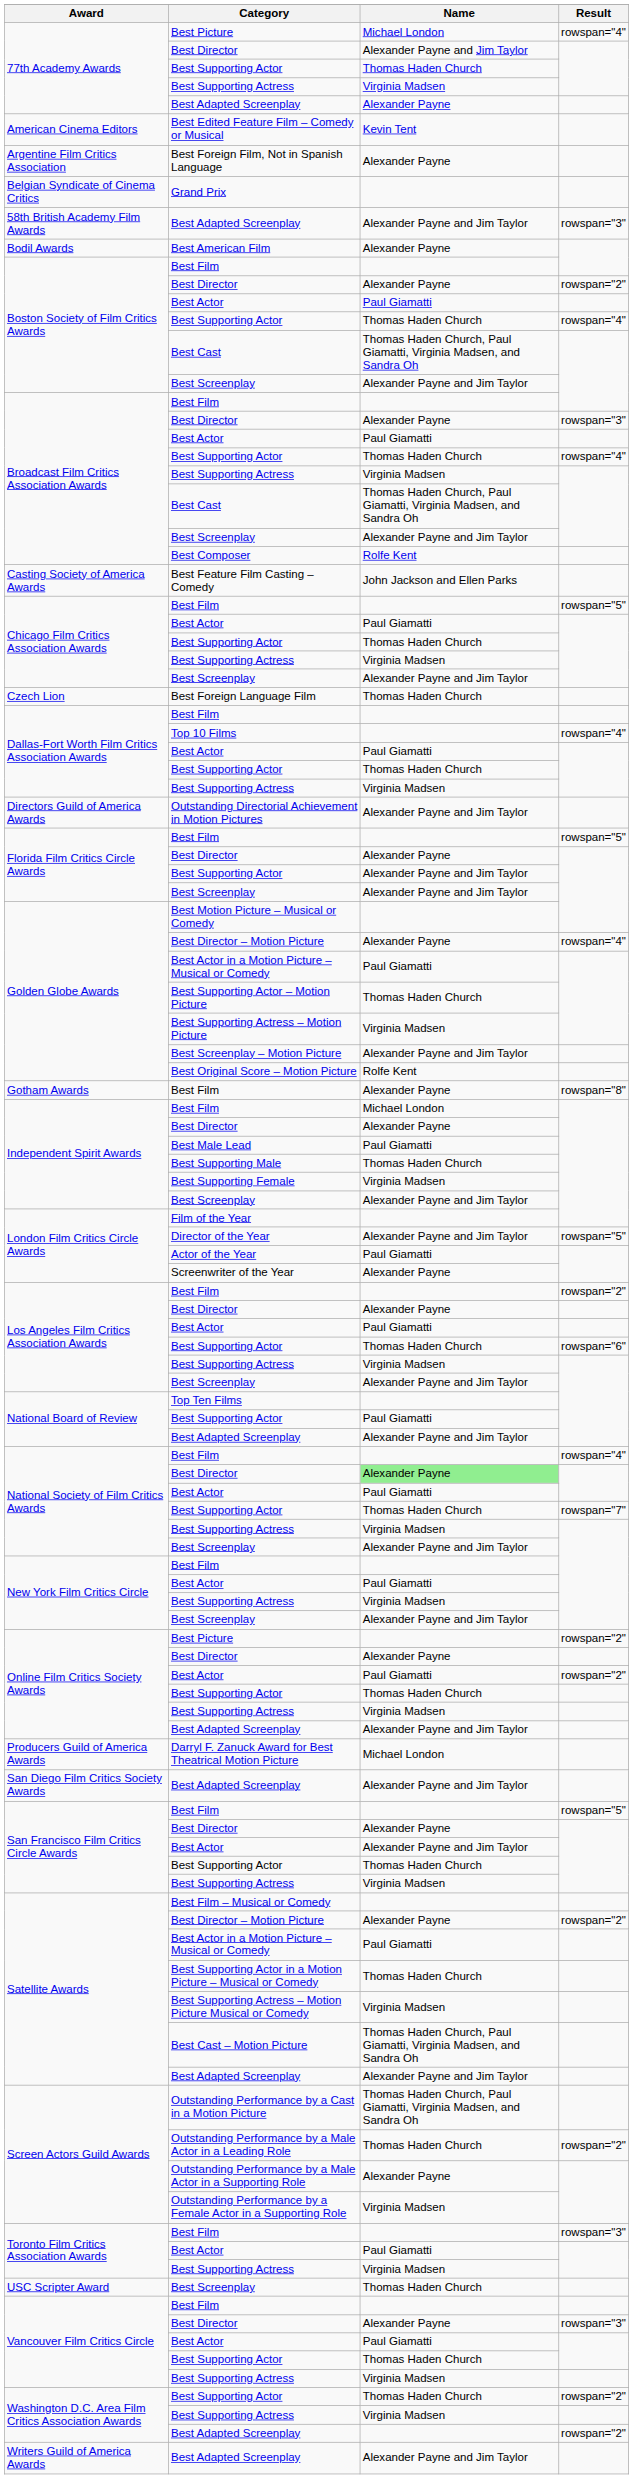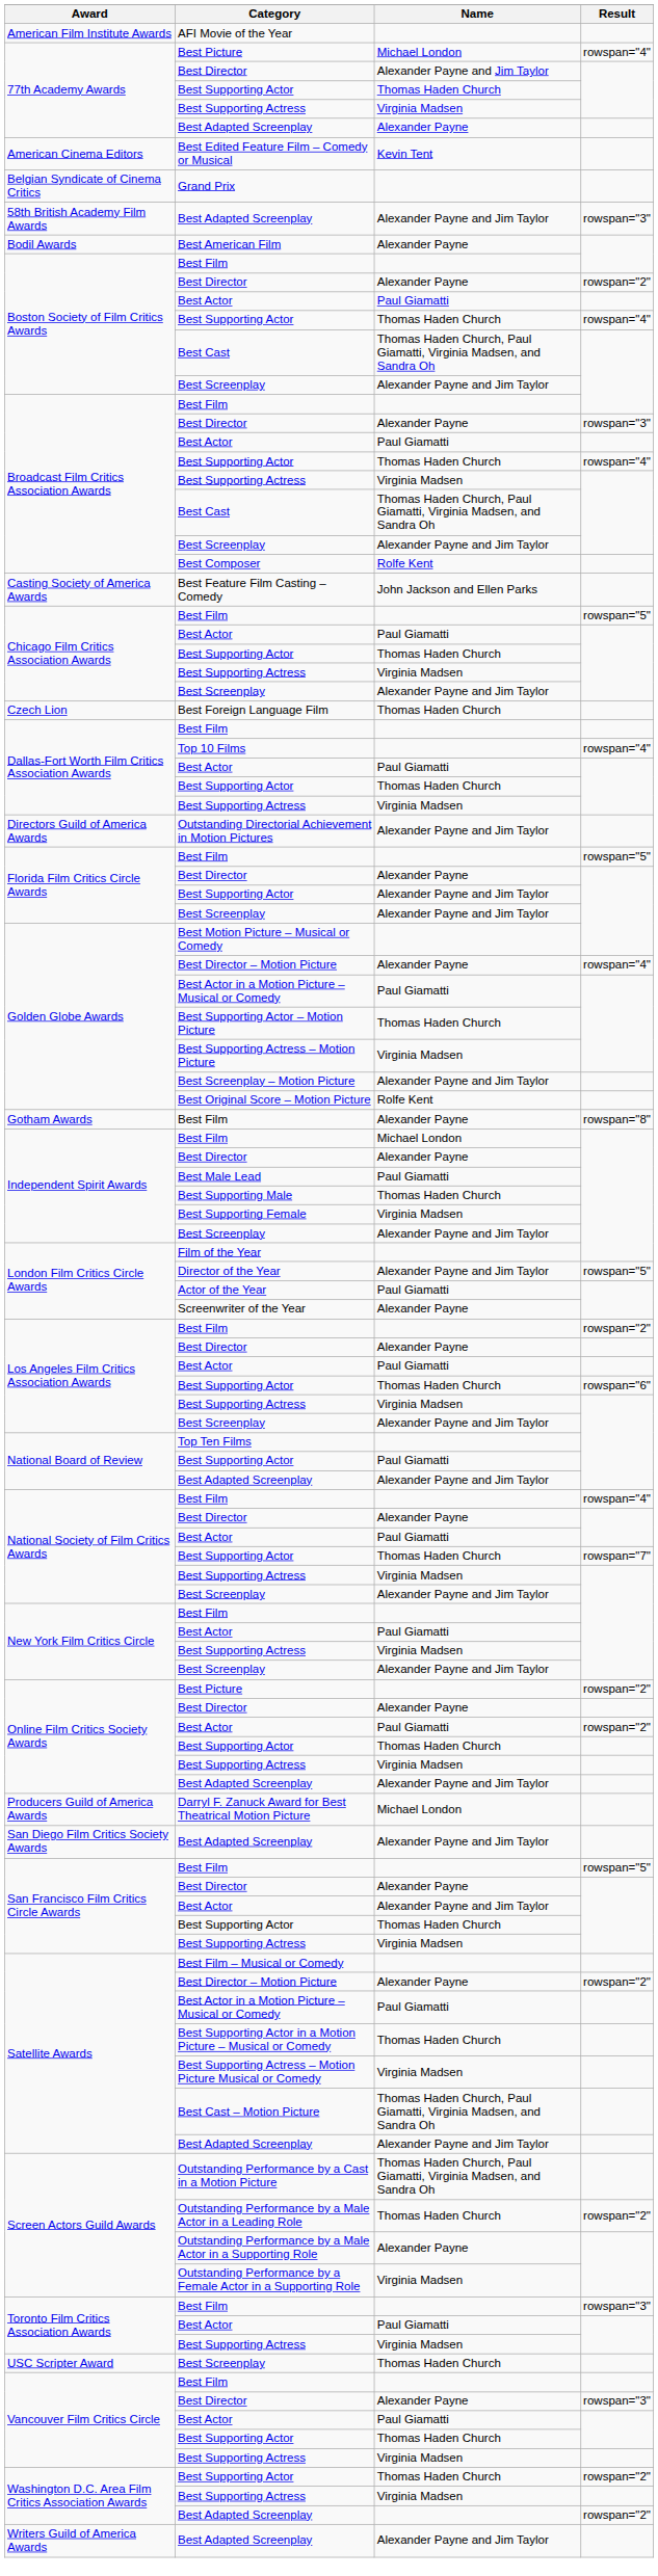 <table class="wikitable sortable plainrowheaders">
 <tr>
 </tr>
 <tr>
 <th>Award</th>
 <th>Category</th>
 <th>Name</th>
 <th>Result</th>
+</tr>
+<tr>
+<td><a href='#'>American Film Institute Awards</a></td>
+<td>AFI Movie of the Year</td>
+<td></td>
+<td></td>
 </tr>
 <tr>
 <td rowspan=5><a href='#'>77th Academy Awards</a></td>
 <td><a href='#'>Best Picture</a></td>
 <td><a href='#'>Michael London</a></td>
 <td>rowspan="4" </td>
 </tr>
 <tr>
 <td><a href='#'>Best Director</a></td>
 <td>Alexander Payne and <a href='#'>Jim Taylor</a></td>
 </tr>
 <tr>
 <td><a href='#'>Best Supporting Actor</a></td>
 <td><a href='#'>Thomas Haden Church</a></td>
 </tr>
 <tr>
 <td><a href='#'>Best Supporting Actress</a></td>
 <td><a href='#'>Virginia Madsen</a></td>
 </tr>
 <tr>
 <td><a href='#'>Best Adapted Screenplay</a></td>
 <td><a href='#'>Alexander Payne</a></td>
 <td></td>
 </tr>
 <tr>
 <td><a href='#'>American Cinema Editors</a></td>
 <td><a href='#'>Best Edited Feature Film – Comedy or Musical</a></td>
 <td><a href='#'>Kevin Tent</a></td>
-<td></td>
-</tr>
-<tr>
-<td><a href='#'>Argentine Film Critics Association</a></td>
-<td>Best Foreign Film, Not in Spanish Language</td>
-<td>Alexander Payne</td>
 <td></td>
 </tr>
 <tr>
 <td><a href='#'>Belgian Syndicate of Cinema Critics</a></td>
 <td><a href='#'>Grand Prix</a></td>
 <td></td>
 <td></td>
 </tr>
 <tr>
 <td><a href='#'>58th British Academy Film Awards</a></td>
 <td><a href='#'>Best Adapted Screenplay</a></td>
 <td>Alexander Payne and Jim Taylor</td>
 <td>rowspan="3" </td>
 </tr>
 <tr>
 <td><a href='#'>Bodil Awards</a></td>
 <td><a href='#'>Best American Film</a></td>
 <td>Alexander Payne</td>
 </tr>
 <tr>
 <td rowspan=6><a href='#'>Boston Society of Film Critics Awards</a></td>
 <td><a href='#'>Best Film</a></td>
 <td></td>
 </tr>
 <tr>
 <td><a href='#'>Best Director</a></td>
 <td>Alexander Payne</td>
 <td>rowspan="2" </td>
 </tr>
 <tr>
 <td><a href='#'>Best Actor</a></td>
 <td><a href='#'>Paul Giamatti</a></td>
 </tr>
 <tr>
 <td><a href='#'>Best Supporting Actor</a></td>
 <td>Thomas Haden Church</td>
 <td>rowspan="4" </td>
 </tr>
 <tr>
 <td><a href='#'>Best Cast</a></td>
 <td>Thomas Haden Church, Paul Giamatti, Virginia Madsen, and <a href='#'>Sandra Oh</a></td>
 </tr>
 <tr>
 <td><a href='#'>Best Screenplay</a></td>
 <td>Alexander Payne and Jim Taylor</td>
 </tr>
 <tr>
 <td rowspan="8"><a href='#'>Broadcast Film Critics Association Awards</a></td>
 <td><a href='#'>Best Film</a></td>
 <td></td>
 </tr>
 <tr>
 <td><a href='#'>Best Director</a></td>
 <td>Alexander Payne</td>
 <td>rowspan="3" </td>
 </tr>
 <tr>
 <td><a href='#'>Best Actor</a></td>
 <td>Paul Giamatti</td>
 </tr>
 <tr>
 <td><a href='#'>Best Supporting Actor</a></td>
 <td>Thomas Haden Church</td>
 <td>rowspan="4" </td>
 </tr>
 <tr>
 <td><a href='#'>Best Supporting Actress</a></td>
 <td>Virginia Madsen</td>
 </tr>
 <tr>
 <td><a href='#'>Best Cast</a></td>
 <td>Thomas Haden Church, Paul Giamatti, Virginia Madsen, and Sandra Oh</td>
 </tr>
 <tr>
 <td><a href='#'>Best Screenplay</a></td>
 <td>Alexander Payne and Jim Taylor</td>
 </tr>
 <tr>
 <td><a href='#'>Best Composer</a></td>
 <td><a href='#'>Rolfe Kent</a></td>
 <td></td>
 </tr>
 <tr>
 <td><a href='#'>Casting Society of America Awards</a></td>
 <td>Best Feature Film Casting – Comedy</td>
 <td>John Jackson and Ellen Parks</td>
 <td></td>
 </tr>
 <tr>
 <td rowspan="5"><a href='#'>Chicago Film Critics Association Awards</a></td>
 <td><a href='#'>Best Film</a></td>
 <td></td>
 <td>rowspan="5" </td>
 </tr>
 <tr>
 <td><a href='#'>Best Actor</a></td>
 <td>Paul Giamatti</td>
 </tr>
 <tr>
 <td><a href='#'>Best Supporting Actor</a></td>
 <td>Thomas Haden Church</td>
 </tr>
 <tr>
 <td><a href='#'>Best Supporting Actress</a></td>
 <td>Virginia Madsen</td>
 </tr>
 <tr>
 <td><a href='#'>Best Screenplay</a></td>
 <td>Alexander Payne and Jim Taylor</td>
 </tr>
 <tr>
 <td><a href='#'>Czech Lion</a></td>
 <td>Best Foreign Language Film</td>
 <td>Thomas Haden Church</td>
 <td></td>
 </tr>
 <tr>
 <td rowspan="5"><a href='#'>Dallas-Fort Worth Film Critics Association Awards</a></td>
 <td><a href='#'>Best Film</a></td>
 <td></td>
 <td></td>
 </tr>
 <tr>
 <td><a href='#'>Top 10 Films</a></td>
 <td></td>
 <td>rowspan="4" </td>
 </tr>
 <tr>
 <td><a href='#'>Best Actor</a></td>
 <td>Paul Giamatti</td>
 </tr>
 <tr>
 <td><a href='#'>Best Supporting Actor</a></td>
 <td>Thomas Haden Church</td>
 </tr>
 <tr>
 <td><a href='#'>Best Supporting Actress</a></td>
 <td>Virginia Madsen</td>
 </tr>
 <tr>
 <td><a href='#'>Directors Guild of America Awards</a></td>
 <td><a href='#'>Outstanding Directorial Achievement in Motion Pictures</a></td>
 <td>Alexander Payne and Jim Taylor</td>
 <td></td>
 </tr>
 <tr>
 <td rowspan="4"><a href='#'>Florida Film Critics Circle Awards</a></td>
 <td><a href='#'>Best Film</a></td>
 <td></td>
 <td>rowspan="5" </td>
 </tr>
 <tr>
 <td><a href='#'>Best Director</a></td>
 <td>Alexander Payne</td>
 </tr>
 <tr>
 <td><a href='#'>Best Supporting Actor</a></td>
 <td>Alexander Payne and Jim Taylor</td>
 </tr>
 <tr>
 <td><a href='#'>Best Screenplay</a></td>
 <td>Alexander Payne and Jim Taylor</td>
 </tr>
 <tr>
 <td rowspan="7"><a href='#'>Golden Globe Awards</a></td>
 <td><a href='#'>Best Motion Picture – Musical or Comedy</a></td>
 <td></td>
 </tr>
 <tr>
 <td><a href='#'>Best Director – Motion Picture</a></td>
 <td>Alexander Payne</td>
 <td>rowspan="4" </td>
 </tr>
 <tr>
 <td><a href='#'>Best Actor in a Motion Picture – Musical or Comedy</a></td>
 <td>Paul Giamatti</td>
 </tr>
 <tr>
 <td><a href='#'>Best Supporting Actor – Motion Picture</a></td>
 <td>Thomas Haden Church</td>
 </tr>
 <tr>
 <td><a href='#'>Best Supporting Actress – Motion Picture</a></td>
 <td>Virginia Madsen</td>
 </tr>
 <tr>
 <td><a href='#'>Best Screenplay – Motion Picture</a></td>
 <td>Alexander Payne and Jim Taylor</td>
 <td></td>
 </tr>
 <tr>
 <td><a href='#'>Best Original Score – Motion Picture</a></td>
 <td>Rolfe Kent</td>
 <td></td>
 </tr>
 <tr>
 <td><a href='#'>Gotham Awards</a></td>
 <td>Best Film</td>
 <td>Alexander Payne</td>
 <td>rowspan="8" </td>
 </tr>
 <tr>
 <td rowspan="6"><a href='#'>Independent Spirit Awards</a></td>
 <td><a href='#'>Best Film</a></td>
 <td>Michael London</td>
 </tr>
 <tr>
 <td><a href='#'>Best Director</a></td>
 <td>Alexander Payne</td>
 </tr>
 <tr>
 <td><a href='#'>Best Male Lead</a></td>
 <td>Paul Giamatti</td>
 </tr>
 <tr>
 <td><a href='#'>Best Supporting Male</a></td>
 <td>Thomas Haden Church</td>
 </tr>
 <tr>
 <td><a href='#'>Best Supporting Female</a></td>
 <td>Virginia Madsen</td>
 </tr>
 <tr>
 <td><a href='#'>Best Screenplay</a></td>
 <td>Alexander Payne and Jim Taylor</td>
 </tr>
 <tr>
 <td rowspan="4"><a href='#'>London Film Critics Circle Awards</a></td>
 <td><a href='#'>Film of the Year</a></td>
 <td></td>
 </tr>
 <tr>
 <td><a href='#'>Director of the Year</a></td>
 <td>Alexander Payne and Jim Taylor</td>
 <td>rowspan="5" </td>
 </tr>
 <tr>
 <td><a href='#'>Actor of the Year</a></td>
 <td>Paul Giamatti</td>
 </tr>
 <tr>
 <td>Screenwriter of the Year</td>
 <td>Alexander Payne</td>
 </tr>
 <tr>
 <td rowspan="6"><a href='#'>Los Angeles Film Critics Association Awards</a></td>
 <td><a href='#'>Best Film</a></td>
 <td></td>
 <td>rowspan="2" </td>
 </tr>
 <tr>
 <td><a href='#'>Best Director</a></td>
 <td>Alexander Payne</td>
 </tr>
 <tr>
 <td><a href='#'>Best Actor</a></td>
 <td>Paul Giamatti</td>
 <td></td>
 </tr>
 <tr>
 <td><a href='#'>Best Supporting Actor</a></td>
 <td>Thomas Haden Church</td>
 <td>rowspan="6" </td>
 </tr>
 <tr>
 <td><a href='#'>Best Supporting Actress</a></td>
 <td>Virginia Madsen</td>
 </tr>
 <tr>
 <td><a href='#'>Best Screenplay</a></td>
 <td>Alexander Payne and Jim Taylor</td>
 </tr>
 <tr>
 <td rowspan="3"><a href='#'>National Board of Review</a></td>
 <td><a href='#'>Top Ten Films</a></td>
 <td></td>
 </tr>
 <tr>
 <td><a href='#'>Best Supporting Actor</a></td>
 <td>Paul Giamatti</td>
 </tr>
 <tr>
 <td><a href='#'>Best Adapted Screenplay</a></td>
 <td>Alexander Payne and Jim Taylor</td>
 </tr>
 <tr>
 <td rowspan="6"><a href='#'>National Society of Film Critics Awards</a></td>
 <td><a href='#'>Best Film</a></td>
 <td></td>
 <td>rowspan="4" </td>
 </tr>
 <tr>
 <td><a href='#'>Best Director</a></td>
-<td style="background: lightgreen;">Alexander Payne</td>
+<td>Alexander Payne</td>
 </tr>
 <tr>
 <td><a href='#'>Best Actor</a></td>
 <td>Paul Giamatti</td>
 </tr>
 <tr>
 <td><a href='#'>Best Supporting Actor</a></td>
 <td>Thomas Haden Church</td>
 <td>rowspan="7" </td>
 </tr>
 <tr>
 <td><a href='#'>Best Supporting Actress</a></td>
 <td>Virginia Madsen</td>
 </tr>
 <tr>
 <td><a href='#'>Best Screenplay</a></td>
 <td>Alexander Payne and Jim Taylor</td>
 </tr>
 <tr>
 <td rowspan="4"><a href='#'>New York Film Critics Circle</a></td>
 <td><a href='#'>Best Film</a></td>
 <td></td>
 </tr>
 <tr>
 <td><a href='#'>Best Actor</a></td>
 <td>Paul Giamatti</td>
 </tr>
 <tr>
 <td><a href='#'>Best Supporting Actress</a></td>
 <td>Virginia Madsen</td>
 </tr>
 <tr>
 <td><a href='#'>Best Screenplay</a></td>
 <td>Alexander Payne and Jim Taylor</td>
 </tr>
 <tr>
 <td rowspan="6"><a href='#'>Online Film Critics Society Awards</a></td>
 <td><a href='#'>Best Picture</a></td>
 <td></td>
 <td>rowspan="2" </td>
 </tr>
 <tr>
 <td><a href='#'>Best Director</a></td>
 <td>Alexander Payne</td>
 </tr>
 <tr>
 <td><a href='#'>Best Actor</a></td>
 <td>Paul Giamatti</td>
 <td>rowspan="2" </td>
 </tr>
 <tr>
 <td><a href='#'>Best Supporting Actor</a></td>
 <td>Thomas Haden Church</td>
 </tr>
 <tr>
 <td><a href='#'>Best Supporting Actress</a></td>
 <td>Virginia Madsen</td>
 <td></td>
 </tr>
 <tr>
 <td><a href='#'>Best Adapted Screenplay</a></td>
 <td>Alexander Payne and Jim Taylor</td>
 <td></td>
 </tr>
 <tr>
 <td><a href='#'>Producers Guild of America Awards</a></td>
 <td><a href='#'>Darryl F. Zanuck Award for Best Theatrical Motion Picture</a></td>
 <td>Michael London</td>
 <td></td>
 </tr>
 <tr>
 <td><a href='#'>San Diego Film Critics Society Awards</a></td>
 <td><a href='#'>Best Adapted Screenplay</a></td>
 <td>Alexander Payne and Jim Taylor</td>
 <td></td>
 </tr>
 <tr>
 <td rowspan="5"><a href='#'>San Francisco Film Critics Circle Awards</a></td>
 <td><a href='#'>Best Film</a></td>
 <td></td>
 <td>rowspan="5" </td>
 </tr>
 <tr>
 <td><a href='#'>Best Director</a></td>
 <td>Alexander Payne</td>
 </tr>
 <tr>
 <td><a href='#'>Best Actor</a></td>
 <td>Alexander Payne and Jim Taylor</td>
 </tr>
 <tr>
 <td>Best Supporting Actor</td>
 <td>Thomas Haden Church</td>
 </tr>
 <tr>
 <td><a href='#'>Best Supporting Actress</a></td>
 <td>Virginia Madsen</td>
 </tr>
 <tr>
 <td rowspan="7"><a href='#'>Satellite Awards</a></td>
 <td><a href='#'>Best Film – Musical or Comedy</a></td>
 <td></td>
 <td></td>
 </tr>
 <tr>
 <td><a href='#'>Best Director – Motion Picture</a></td>
 <td>Alexander Payne</td>
 <td>rowspan="2" </td>
 </tr>
 <tr>
 <td><a href='#'>Best Actor in a Motion Picture – Musical or Comedy</a></td>
 <td>Paul Giamatti</td>
 </tr>
 <tr>
 <td><a href='#'>Best Supporting Actor in a Motion Picture – Musical or Comedy</a></td>
 <td>Thomas Haden Church</td>
 <td></td>
 </tr>
 <tr>
 <td><a href='#'>Best Supporting Actress – Motion Picture Musical or Comedy</a></td>
 <td>Virginia Madsen</td>
 <td></td>
 </tr>
 <tr>
 <td><a href='#'>Best Cast – Motion Picture</a></td>
 <td>Thomas Haden Church, Paul Giamatti, Virginia Madsen, and Sandra Oh</td>
 <td></td>
 </tr>
 <tr>
 <td><a href='#'>Best Adapted Screenplay</a></td>
 <td>Alexander Payne and Jim Taylor</td>
 <td></td>
 </tr>
 <tr>
 <td rowspan="4"><a href='#'>Screen Actors Guild Awards</a></td>
 <td><a href='#'>Outstanding Performance by a Cast in a Motion Picture</a></td>
 <td>Thomas Haden Church, Paul Giamatti, Virginia Madsen, and Sandra Oh</td>
 <td></td>
 </tr>
 <tr>
 <td><a href='#'>Outstanding Performance by a Male Actor in a Leading Role</a></td>
 <td>Thomas Haden Church</td>
 <td>rowspan="2" </td>
 </tr>
 <tr>
 <td><a href='#'>Outstanding Performance by a Male Actor in a Supporting Role</a></td>
 <td>Alexander Payne</td>
 </tr>
 <tr>
 <td><a href='#'>Outstanding Performance by a Female Actor in a Supporting Role</a></td>
 <td>Virginia Madsen</td>
 </tr>
 <tr>
 <td rowspan="3"><a href='#'>Toronto Film Critics Association Awards</a></td>
 <td><a href='#'>Best Film</a></td>
 <td></td>
 <td>rowspan="3" </td>
 </tr>
 <tr>
 <td><a href='#'>Best Actor</a></td>
 <td>Paul Giamatti</td>
 </tr>
 <tr>
 <td><a href='#'>Best Supporting Actress</a></td>
 <td>Virginia Madsen</td>
 </tr>
 <tr>
 <td><a href='#'>USC Scripter Award</a></td>
 <td><a href='#'>Best Screenplay</a></td>
 <td>Thomas Haden Church</td>
 <td></td>
 </tr>
 <tr>
 <td rowspan="5"><a href='#'>Vancouver Film Critics Circle</a></td>
 <td><a href='#'>Best Film</a></td>
 <td></td>
 <td></td>
 </tr>
 <tr>
 <td><a href='#'>Best Director</a></td>
 <td>Alexander Payne</td>
 <td>rowspan="3" </td>
 </tr>
 <tr>
 <td><a href='#'>Best Actor</a></td>
 <td>Paul Giamatti</td>
 </tr>
 <tr>
 <td><a href='#'>Best Supporting Actor</a></td>
 <td>Thomas Haden Church</td>
 </tr>
 <tr>
 <td><a href='#'>Best Supporting Actress</a></td>
 <td>Virginia Madsen</td>
 <td></td>
 </tr>
 <tr>
 <td rowspan="3"><a href='#'>Washington D.C. Area Film Critics Association Awards</a></td>
 <td><a href='#'>Best Supporting Actor</a></td>
 <td>Thomas Haden Church</td>
 <td>rowspan="2" </td>
 </tr>
 <tr>
 <td><a href='#'>Best Supporting Actress</a></td>
 <td>Virginia Madsen</td>
 </tr>
 <tr>
 <td><a href='#'>Best Adapted Screenplay</a></td>
 <td></td>
 <td>rowspan="2" </td>
 </tr>
 <tr>
 <td><a href='#'>Writers Guild of America Awards</a></td>
 <td><a href='#'>Best Adapted Screenplay</a></td>
 <td>Alexander Payne and Jim Taylor</td>
 </tr>
 </table>
